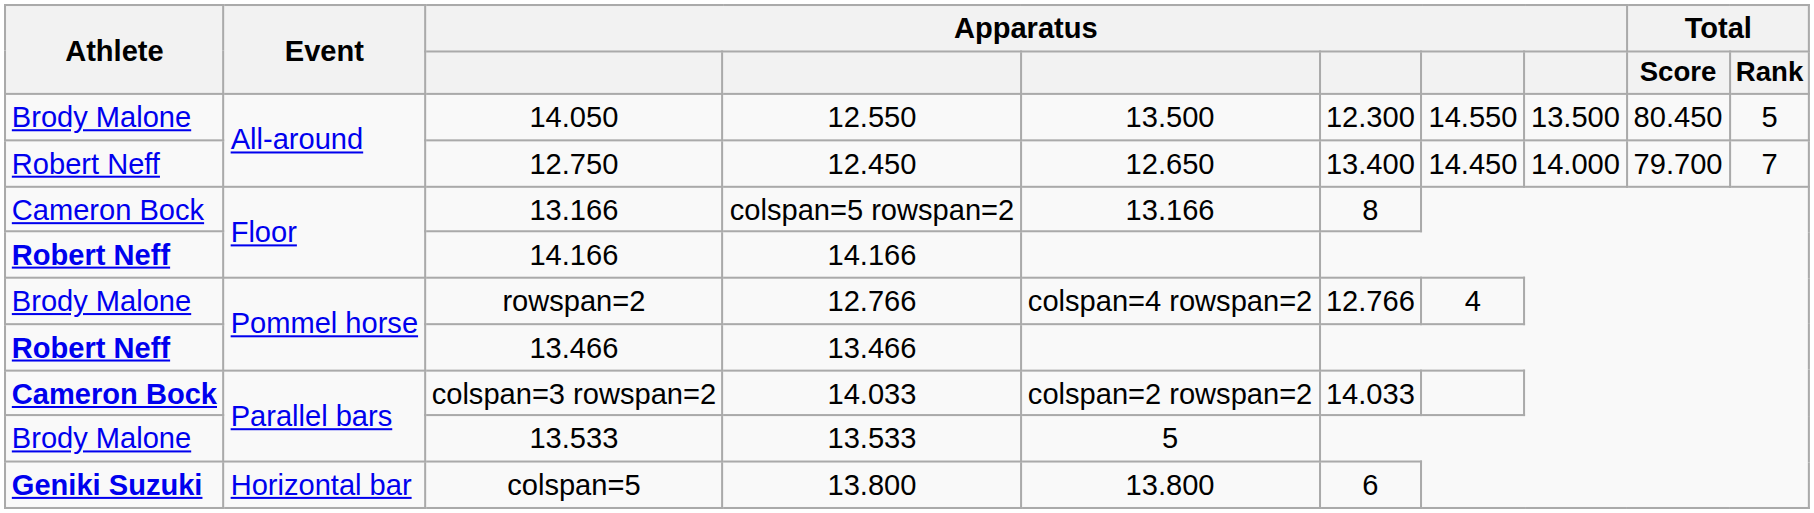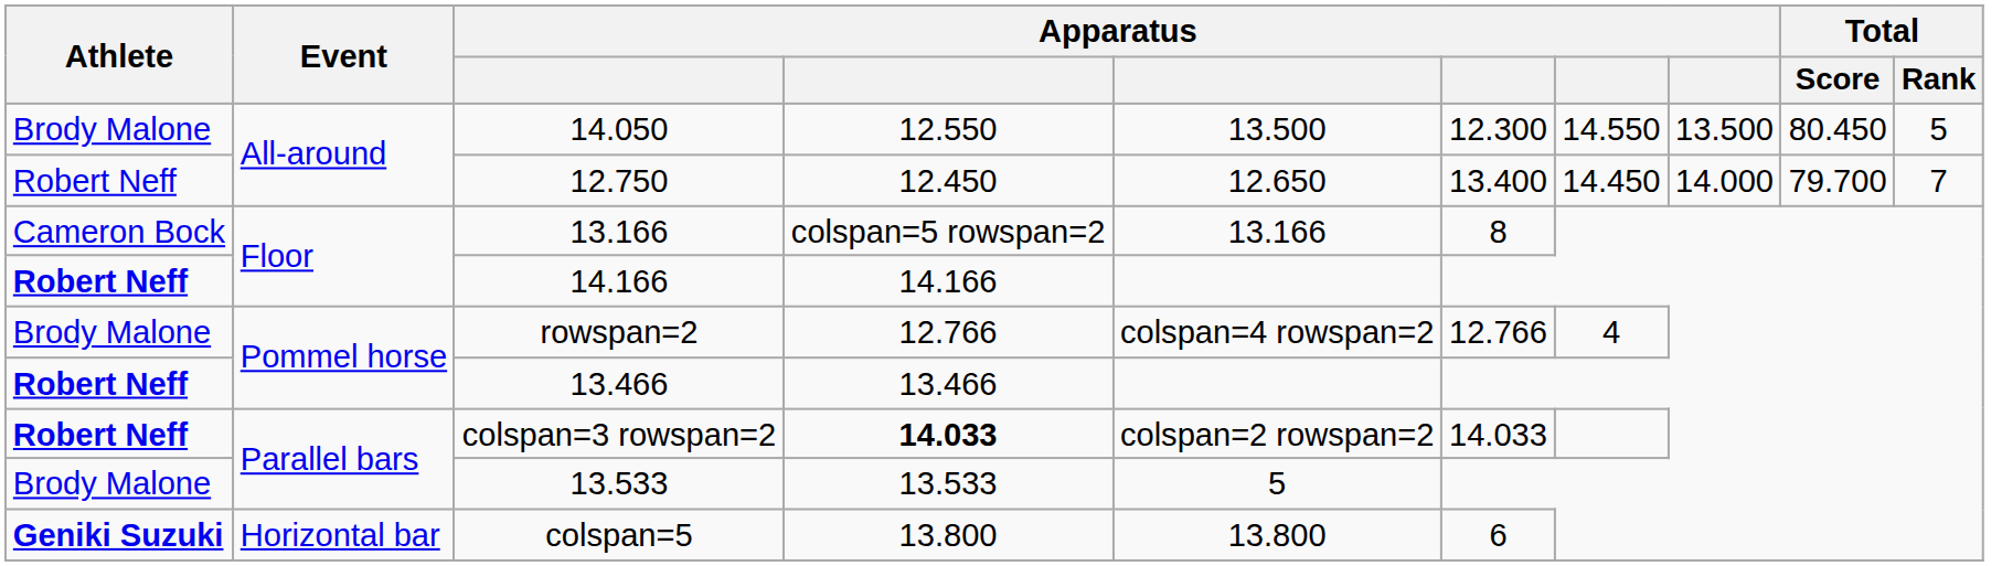 <table class=wikitable style=font-size:90%;text-align:center>
 <tr>
 <th rowspan=2>Athlete</th>
 <th rowspan=2>Event</th>
 <th colspan=6>Apparatus</th>
 <th colspan=2>Total</th>
 </tr>
 <tr style=font-size:95%>
 <th></th>
 <th></th>
 <th></th>
 <th></th>
 <th></th>
 <th></th>
 <th>Score</th>
 <th>Rank</th>
 </tr>
 <tr>
 <td align=left><a href='#'>Brody Malone</a></td>
 <td align=left rowspan=2><a href='#'>All-around</a></td>
 <td>14.050</td>
 <td>12.550</td>
 <td>13.500</td>
 <td>12.300</td>
 <td>14.550</td>
 <td>13.500</td>
 <td>80.450</td>
 <td>5</td>
 </tr>
 <tr>
 <td align=left><a href='#'>Robert Neff</a></td>
 <td>12.750</td>
 <td>12.450</td>
 <td>12.650</td>
 <td>13.400</td>
 <td>14.450</td>
 <td>14.000</td>
 <td>79.700</td>
 <td>7</td>
 </tr>
 <tr>
 <td align=left><a href='#'>Cameron Bock</a></td>
 <td align=left rowspan=2><a href='#'>Floor</a></td>
 <td>13.166</td>
 <td>colspan=5 rowspan=2</td>
 <td>13.166</td>
 <td>8</td>
 </tr>
 <tr>
 <td align=left><strong><a href='#'>Robert Neff</a></strong></td>
 <td>14.166</td>
 <td>14.166</td>
 <td></td>
 </tr>
 <tr>
 <td align=left><a href='#'>Brody Malone</a></td>
 <td align=left rowspan=2><a href='#'>Pommel horse</a></td>
 <td>rowspan=2 </td>
 <td>12.766</td>
 <td>colspan=4 rowspan=2 </td>
 <td>12.766</td>
 <td>4</td>
 </tr>
 <tr>
 <td align=left><strong><a href='#'>Robert Neff</a></strong></td>
 <td>13.466</td>
 <td>13.466</td>
 <td></td>
 </tr>
 <tr>
-<td align=left><strong><a href='#'>Cameron Bock</a></strong></td>
+<td align=left><strong><a href='#'>Robert Neff</a></strong></td>
 <td align=left rowspan=2><a href='#'>Parallel bars</a></td>
 <td>colspan=3 rowspan=2 </td>
-<td>14.033</td>
+<td><strong>14.033</strong></td>
 <td>colspan=2 rowspan=2 </td>
 <td>14.033</td>
 <td></td>
 </tr>
 <tr>
 <td align=left><a href='#'>Brody Malone</a></td>
 <td>13.533</td>
 <td>13.533</td>
 <td>5</td>
 </tr>
 <tr>
 <td align=left><strong><a href='#'>Geniki Suzuki</a></strong></td>
 <td align=left><a href='#'>Horizontal bar</a></td>
 <td>colspan=5 </td>
 <td>13.800</td>
 <td>13.800</td>
 <td>6</td>
 </tr>
 </table>
